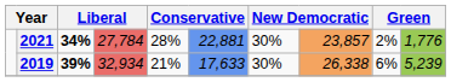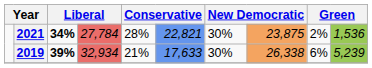 <table class="wikitable" style="width:400; font-size:90%; margin-left:1em;">
 <tr>
 <th colspan="2" scope="col">Year</th>
 <th colspan="2" scope="col"><a href='#'>Liberal</a></th>
 <th colspan="2" scope="col"><a href='#'>Conservative</a></th>
 <th colspan="2" scope="col"><a href='#'>New Democratic</a></th>
 <th colspan="2" scope="col"><a href='#'>Green</a></th>
 </tr>
 <tr>
 <td rowspan="2" style="width: 0.25em; background-color: "></td>
 <th><a href='#'>2021</a></th>
 <td><strong>34%</strong></td>
 <td style="text-align:right; background:#EA6D6A;"><em>27,784</em></td>
 <td>28%</td>
-<td style="text-align:right; background:#6495ED;"><em>22,881</em></td>
+<td style="text-align:right; background:#6495ED;"><em>22,821</em></td>
 <td>30%</td>
-<td style="text-align:right; background:#F4A460;"><em>23,857</em></td>
+<td style="text-align:right; background:#F4A460;"><em>23,875</em></td>
 <td>2%</td>
-<td style="text-align:right; background:#99C955;"><em>1,776</em></td>
+<td style="text-align:right; background:#99C955;"><em>1,536</em></td>
 </tr>
 <tr>
 <th><a href='#'>2019</a></th>
 <td><strong>39%</strong></td>
 <td style="text-align:right; background:#EA6D6A;"><em>32,934</em></td>
 <td>21%</td>
 <td style="text-align:right; background:#6495ED;"><em>17,633</em></td>
 <td>30%</td>
 <td style="text-align:right; background:#F4A460;"><em>26,338</em></td>
 <td>6%</td>
 <td style="text-align:right; background:#99C955;"><em>5,239</em></td>
 </tr>
 <tr>
 </tr>
 </table>
